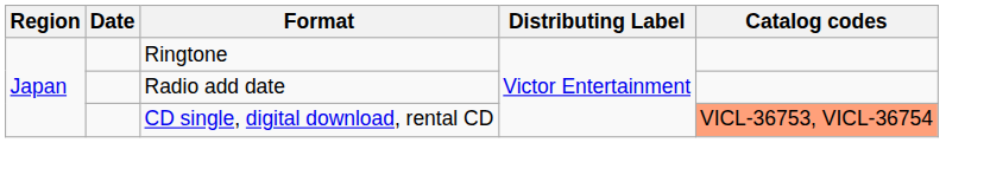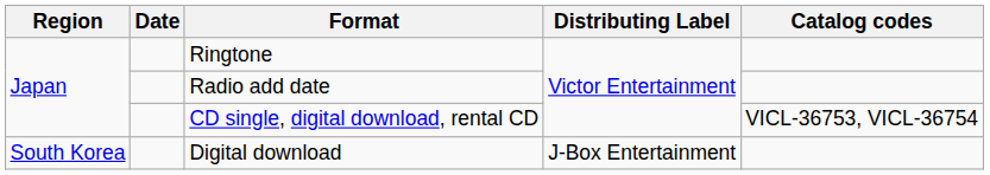 <table class="wikitable">
 <tr>
 <th>Region</th>
 <th>Date</th>
 <th>Format</th>
 <th>Distributing Label</th>
 <th>Catalog codes</th>
 </tr>
 <tr>
 <td rowspan="3"><a href='#'>Japan</a></td>
 <td></td>
 <td>Ringtone</td>
 <td rowspan="3"><a href='#'>Victor Entertainment</a></td>
 <td></td>
 </tr>
 <tr>
 <td></td>
 <td>Radio add date</td>
 <td></td>
 </tr>
 <tr>
 <td></td>
 <td><a href='#'>CD single</a>, <a href='#'>digital download</a>, rental CD</td>
-<td style="background: lightsalmon;">VICL-36753, VICL-36754</td>
+<td>VICL-36753, VICL-36754</td>
+</tr>
+<tr>
+<td><a href='#'>South Korea</a></td>
+<td></td>
+<td>Digital download</td>
+<td>J-Box Entertainment</td>
+<td></td>
 </tr>
 </table>
